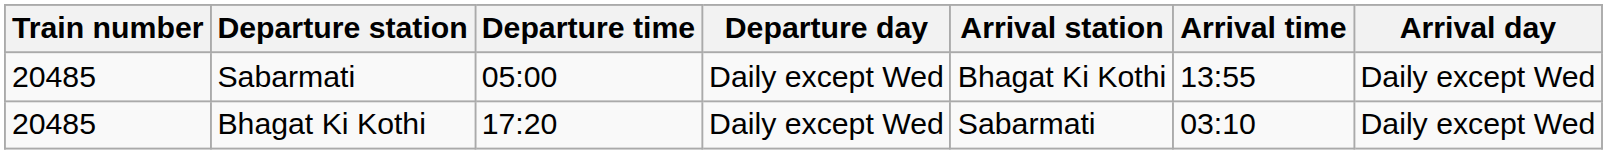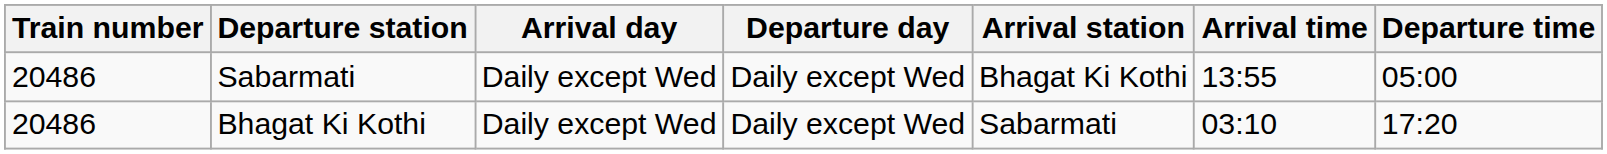 <table class="wikitable">
 <tr>
 <th>Train number</th>
 <th>Departure station</th>
-<th>Departure time</th>
+<th>Arrival day</th>
 <th>Departure day</th>
 <th>Arrival station</th>
 <th>Arrival time</th>
-<th>Arrival day</th>
+<th>Departure time</th>
 </tr>
 <tr>
-<td>20485</td>
+<td>20486</td>
 <td>Sabarmati</td>
-<td>05:00</td>
+<td>Daily except Wed</td>
 <td>Daily except Wed</td>
 <td>Bhagat Ki Kothi</td>
 <td>13:55</td>
-<td>Daily except Wed</td>
+<td>05:00</td>
 </tr>
 <tr>
-<td>20485</td>
+<td>20486</td>
 <td>Bhagat Ki Kothi</td>
-<td>17:20</td>
+<td>Daily except Wed</td>
 <td>Daily except Wed</td>
 <td>Sabarmati</td>
 <td>03:10</td>
-<td>Daily except Wed</td>
+<td>17:20</td>
 </tr>
 </table>
